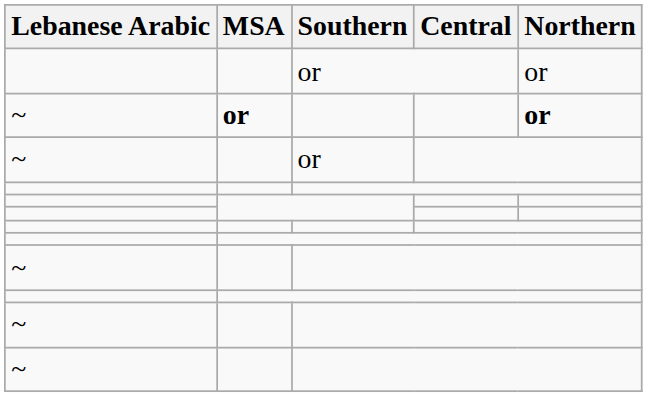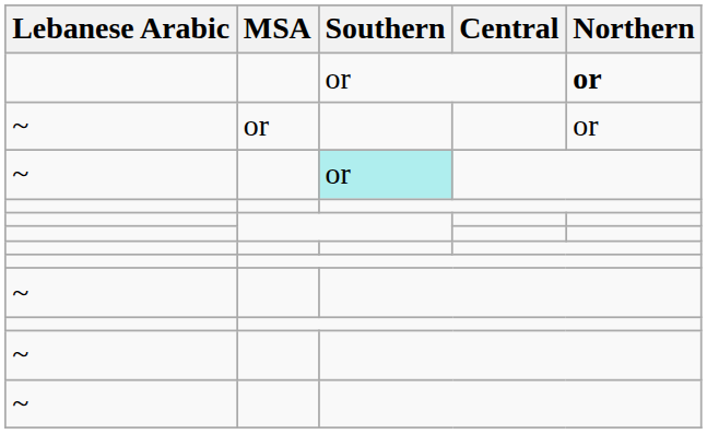 <table class="wikitable">
 <tr>
 <th>Lebanese Arabic</th>
 <th>MSA</th>
 <th>Southern</th>
 <th>Central</th>
 <th>Northern</th>
 </tr>
 <tr>
 <td></td>
 <td></td>
 <td colspan="2"> or </td>
+<td><strong> or </strong></td>
+</tr>
+<tr>
+<td>~</td>
+<td> or </td>
+<td></td>
+<td></td>
 <td> or </td>
 </tr>
 <tr>
 <td>~</td>
-<td><strong> or </strong></td>
 <td></td>
-<td></td>
-<td><strong> or </strong></td>
-</tr>
-<tr>
-<td>~</td>
-<td></td>
-<td> or </td>
+<td style="background: paleturquoise;"> or </td>
 <td colspan="2"></td>
 </tr>
 <tr>
 <td></td>
 <td></td>
 <td colspan="3"></td>
 </tr>
 <tr>
 <td></td>
 <td colspan="2" rowspan="2"></td>
 <td></td>
 <td></td>
 </tr>
 <tr>
 <td></td>
 <td></td>
 <td></td>
 </tr>
 <tr>
 <td></td>
 <td></td>
 <td></td>
 <td colspan="2"></td>
 </tr>
 <tr>
 <td></td>
 <td colspan="4"></td>
 </tr>
 <tr>
 <td>~</td>
 <td></td>
 <td colspan="3"></td>
 </tr>
 <tr>
 <td></td>
 <td colspan="4"></td>
 </tr>
 <tr>
 <td>~</td>
 <td></td>
 <td colspan="3"></td>
 </tr>
 <tr>
 <td>~</td>
 <td></td>
 <td colspan="3"></td>
 </tr>
 </table>
